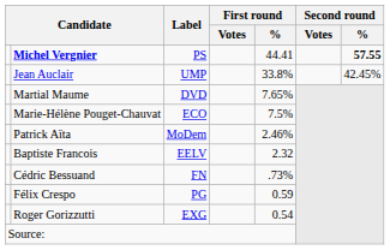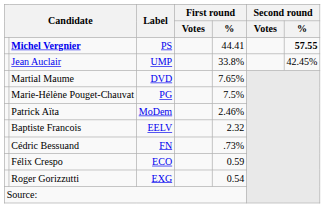 <table class="wikitable" style="text-align:right;font-size:95%;">
 <tr>
 <th rowspan="2" colspan="2">Candidate</th>
 <th rowspan="2">Label</th>
 <th colspan="2">First round</th>
 <th colspan="2">Second round</th>
 </tr>
 <tr>
 <th style="width:50px;">Votes</th>
 <th style="width:45px;">%</th>
 <th style="width:50px;">Votes</th>
 <th style="width:45px;">%</th>
 </tr>
 <tr>
 <td style="color:inherit;background:"></td>
 <td style="text-align:left;"><strong><a href='#'>Michel Vergnier</a></strong></td>
 <td><a href='#'>PS</a></td>
 <td></td>
 <td>44.41</td>
 <td><strong></strong></td>
 <td><strong>57.55</strong></td>
 </tr>
 <tr>
 <td style="color:inherit;background:"></td>
 <td style="text-align:left;"><a href='#'>Jean Auclair</a></td>
 <td><a href='#'>UMP</a></td>
 <td></td>
 <td>33.8%</td>
 <td></td>
 <td>42.45%</td>
 </tr>
 <tr>
 <td style="color:inherit;background:"></td>
 <td style="text-align:left;">Martial Maume</td>
 <td><a href='#'>DVD</a></td>
 <td></td>
 <td>7.65%</td>
 <td colspan="2" rowspan="12" style="background:#E9E9E9;"></td>
 </tr>
 <tr>
 <td style="color:inherit;background:"></td>
 <td style="text-align:left;">Marie-Hélène Pouget-Chauvat</td>
-<td><a href='#'>ECO</a></td>
+<td><a href='#'>PG</a></td>
 <td></td>
 <td>7.5%</td>
 </tr>
 <tr>
 <td style="color:inherit;background:"></td>
 <td style="text-align:left;">Patrick Aïta</td>
 <td><a href='#'>MoDem</a></td>
 <td></td>
 <td>2.46%</td>
 </tr>
 <tr>
 <td style="color:inherit;background:"></td>
 <td style="text-align:left;">Baptiste Francois</td>
 <td><a href='#'>EELV</a></td>
 <td></td>
 <td>2.32</td>
 </tr>
 <tr>
 <td style="color:inherit;background:"></td>
 <td style="text-align:left;">Cédric Bessuand</td>
 <td><a href='#'>FN</a></td>
 <td></td>
 <td>.73%</td>
 </tr>
 <tr>
 <td style="color:inherit;background:"></td>
 <td style="text-align:left;">Félix Crespo</td>
-<td><a href='#'>PG</a></td>
+<td><a href='#'>ECO</a></td>
 <td></td>
 <td>0.59</td>
 </tr>
 <tr>
 <td style="color:inherit;background:"></td>
 <td style="text-align:left;">Roger Gorizzutti</td>
 <td><a href='#'>EXG</a></td>
 <td></td>
 <td>0.54</td>
 </tr>
 <tr>
 <td colspan="7" style="text-align:left;">Source: </td>
 </tr>
 </table>
